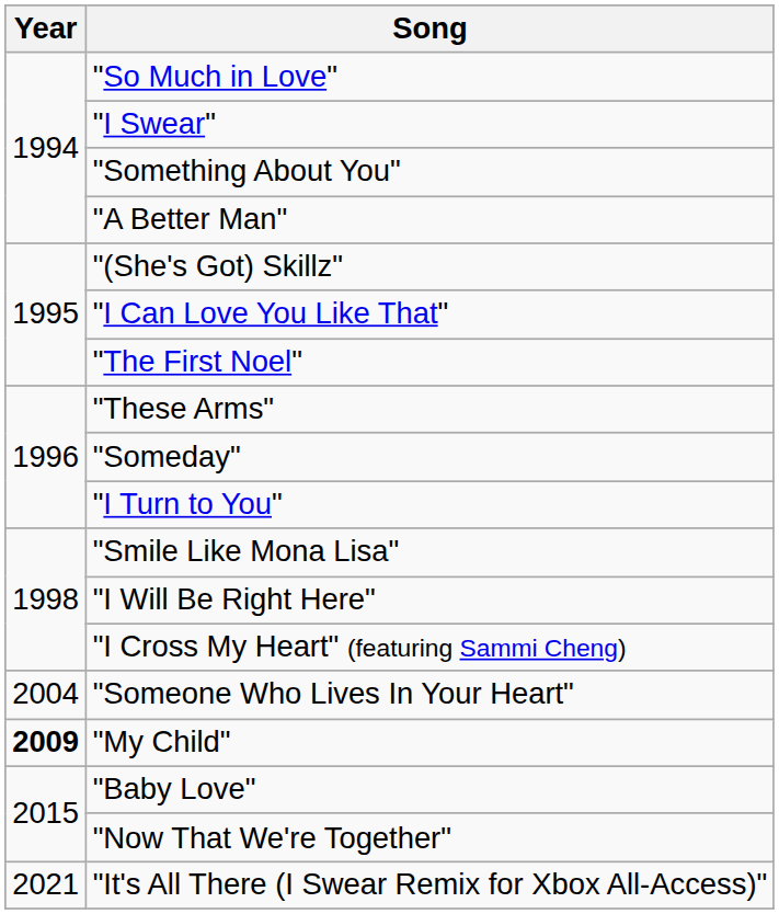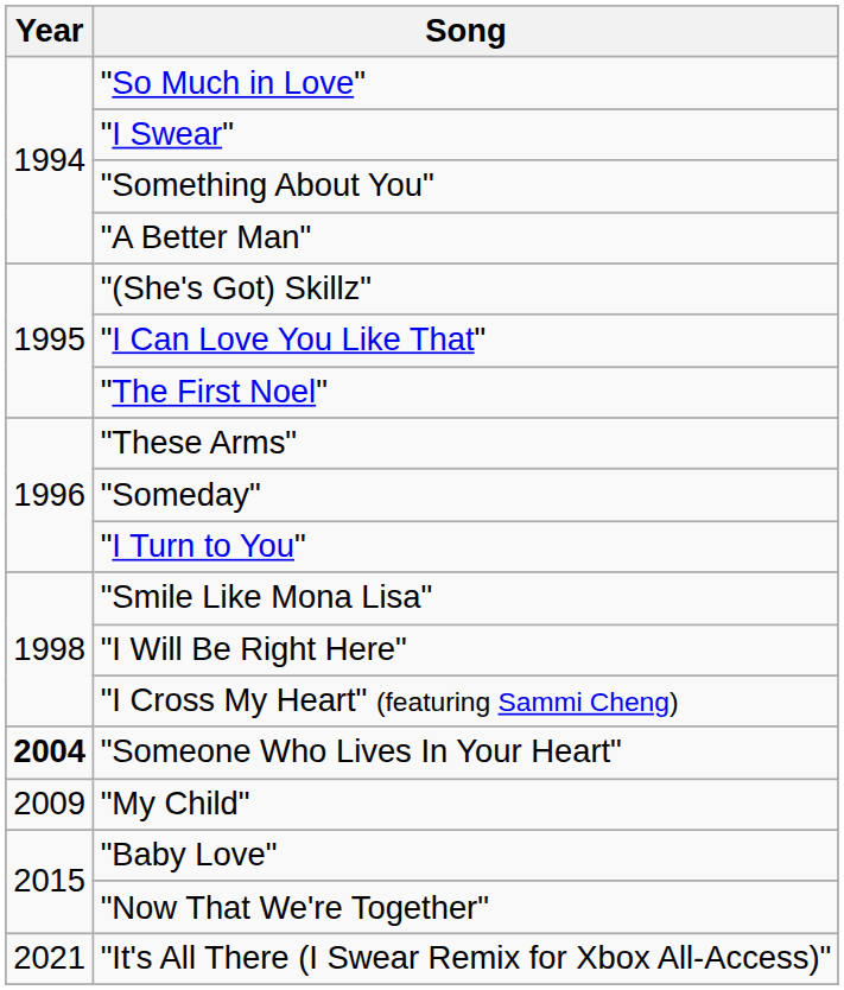 <table class="wikitable">
 <tr>
 <th>Year</th>
 <th>Song</th>
 </tr>
 <tr>
 <td rowspan="4">1994</td>
 <td>"<a href='#'>So Much in Love</a>"</td>
 </tr>
 <tr>
 <td>"<a href='#'>I Swear</a>"</td>
 </tr>
 <tr>
 <td>"Something About You"</td>
 </tr>
 <tr>
 <td>"A Better Man"</td>
 </tr>
 <tr>
 <td rowspan="3">1995</td>
 <td>"(She's Got) Skillz"</td>
 </tr>
 <tr>
 <td>"<a href='#'>I Can Love You Like That</a>"</td>
 </tr>
 <tr>
 <td>"<a href='#'>The First Noel</a>"</td>
 </tr>
 <tr>
 <td rowspan="3">1996</td>
 <td>"These Arms"</td>
 </tr>
 <tr>
 <td>"Someday"</td>
 </tr>
 <tr>
 <td>"<a href='#'>I Turn to You</a>"</td>
 </tr>
 <tr>
 <td rowspan="3">1998</td>
 <td>"Smile Like Mona Lisa"</td>
 </tr>
 <tr>
 <td>"I Will Be Right Here"</td>
 </tr>
 <tr>
 <td>"I Cross My Heart" <small>(featuring <a href='#'>Sammi Cheng</a>)</small></td>
 </tr>
 <tr>
-<td>2004</td>
+<td><strong>2004</strong></td>
 <td>"Someone Who Lives In Your Heart"</td>
 </tr>
 <tr>
-<td><strong>2009</strong></td>
+<td>2009</td>
 <td>"My Child"</td>
 </tr>
 <tr>
 <td rowspan="2">2015</td>
 <td>"Baby Love"</td>
 </tr>
 <tr>
 <td>"Now That We're Together"</td>
 </tr>
 <tr>
 <td>2021</td>
 <td>"It's All There (I Swear Remix for Xbox All-Access)"</td>
 </tr>
 </table>
